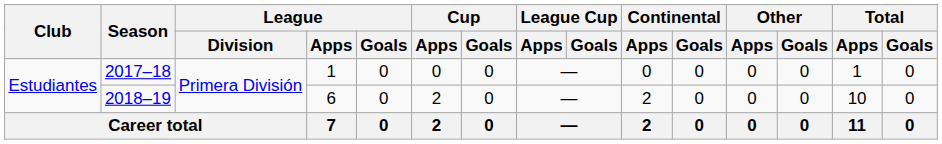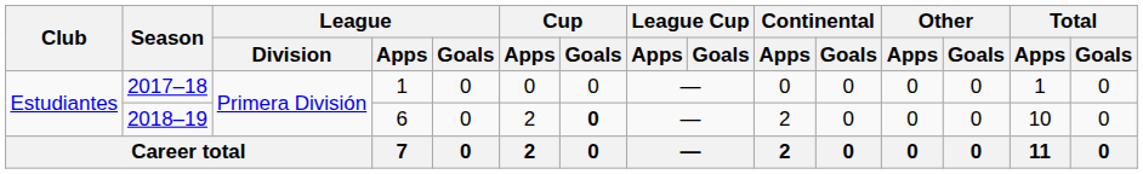 <table class="wikitable" style="text-align:center">
 <tr>
 <th rowspan="2">Club</th>
 <th rowspan="2">Season</th>
 <th colspan="3">League</th>
 <th colspan="2">Cup</th>
 <th colspan="2">League Cup</th>
 <th colspan="2">Continental</th>
 <th colspan="2">Other</th>
 <th colspan="2">Total</th>
 </tr>
 <tr>
 <th>Division</th>
 <th>Apps</th>
 <th>Goals</th>
 <th>Apps</th>
 <th>Goals</th>
 <th>Apps</th>
 <th>Goals</th>
 <th>Apps</th>
 <th>Goals</th>
 <th>Apps</th>
 <th>Goals</th>
 <th>Apps</th>
 <th>Goals</th>
 </tr>
 <tr>
 <td rowspan="2"><a href='#'>Estudiantes</a></td>
 <td><a href='#'>2017–18</a></td>
 <td rowspan="2"><a href='#'>Primera División</a></td>
 <td>1</td>
 <td>0</td>
 <td>0</td>
 <td>0</td>
 <td colspan="2">—</td>
 <td>0</td>
 <td>0</td>
 <td>0</td>
 <td>0</td>
 <td>1</td>
 <td>0</td>
 </tr>
 <tr>
 <td><a href='#'>2018–19</a></td>
 <td>6</td>
 <td>0</td>
 <td>2</td>
-<td>0</td>
+<td><strong>0</strong></td>
 <td colspan="2">—</td>
 <td>2</td>
 <td>0</td>
 <td>0</td>
 <td>0</td>
 <td>10</td>
 <td>0</td>
 </tr>
 <tr>
 <th colspan="3">Career total</th>
 <th>7</th>
 <th>0</th>
 <th>2</th>
 <th>0</th>
 <th colspan="2">—</th>
 <th>2</th>
 <th>0</th>
 <th>0</th>
 <th>0</th>
 <th>11</th>
 <th>0</th>
 </tr>
 </table>
